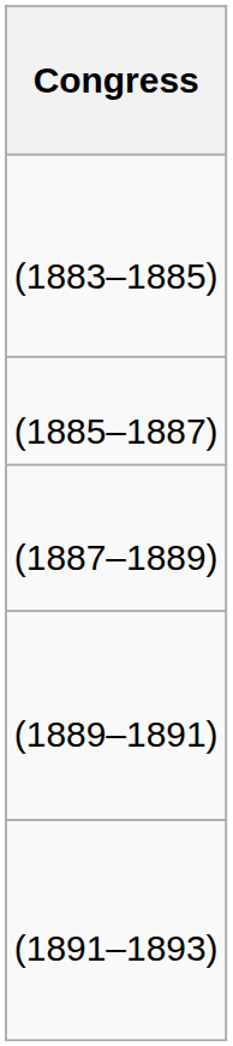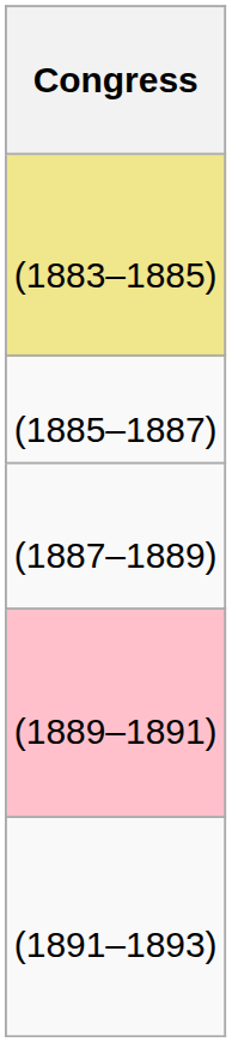 <table class="wikitable" style="float:left; margin:0; margin-right:-0.5px; margin-top:14px; text-align:center;">
 <tr style="white-space:nowrap; height:4.14em;">
 <th>Congress</th>
 </tr>
 <tr style="white-space:nowrap; height:5.64em;">
-<td><strong></strong><br>(1883–1885)</td>
+<td style="background: khaki;"><strong></strong><br>(1883–1885)</td>
 </tr>
 <tr style="white-space:nowrap; height:3em">
 <td><strong></strong><br>(1885–1887)</td>
 </tr>
 <tr style="white-space:nowrap; height:4.04em">
 <td><strong></strong><br>(1887–1889)</td>
 </tr>
 <tr style="white-space:nowrap; height:5.78em">
-<td><strong></strong><br>(1889–1891)</td>
+<td style="background: pink;"><strong></strong><br>(1889–1891)</td>
 </tr>
 <tr style="white-space:nowrap; height:6.16em">
 <td><strong></strong><br>(1891–1893)</td>
 </tr>
 </table>
